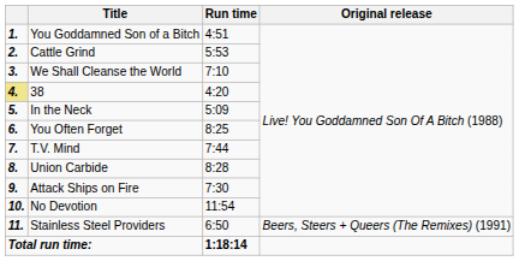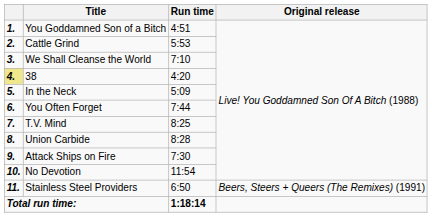 <table class="wikitable sortable">
 <tr>
 <th></th>
 <th>Title</th>
 <th>Run time</th>
 <th>Original release</th>
 </tr>
 <tr>
 <td><strong><em>1.</em></strong></td>
 <td>You Goddamned Son of a Bitch</td>
 <td>4:51</td>
 <td rowspan="10"><em>Live! You Goddamned Son Of A Bitch</em> (1988)</td>
 </tr>
 <tr>
 <td><strong><em>2.</em></strong></td>
 <td>Cattle Grind</td>
 <td>5:53</td>
 </tr>
 <tr>
 <td><strong><em>3.</em></strong></td>
 <td>We Shall Cleanse the World</td>
 <td>7:10</td>
 </tr>
 <tr>
 <td style="background: khaki;"><strong><em>4.</em></strong></td>
 <td>38</td>
 <td>4:20</td>
 </tr>
 <tr>
 <td><strong><em>5.</em></strong></td>
 <td>In the Neck</td>
 <td>5:09</td>
 </tr>
 <tr>
 <td><strong><em>6.</em></strong></td>
 <td>You Often Forget</td>
-<td>8:25</td>
+<td>7:44</td>
 </tr>
 <tr>
 <td><strong><em>7.</em></strong></td>
 <td>T.V. Mind</td>
-<td>7:44</td>
+<td>8:25</td>
 </tr>
 <tr>
 <td><strong><em>8.</em></strong></td>
 <td>Union Carbide</td>
 <td>8:28</td>
 </tr>
 <tr>
 <td><strong><em>9.</em></strong></td>
 <td>Attack Ships on Fire</td>
 <td>7:30</td>
 </tr>
 <tr>
 <td><strong><em>10.</em></strong></td>
 <td>No Devotion</td>
 <td>11:54</td>
 </tr>
 <tr>
 <td><strong><em>11.</em></strong></td>
 <td>Stainless Steel Providers</td>
 <td>6:50</td>
 <td><em>Beers, Steers + Queers (The Remixes)</em> (1991)</td>
 </tr>
 <tr>
 <td colspan="2"><strong><em>Total run time:</em></strong></td>
 <td><strong>1:18:14</strong></td>
 <td></td>
 </tr>
 </table>
